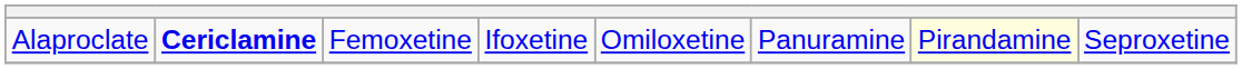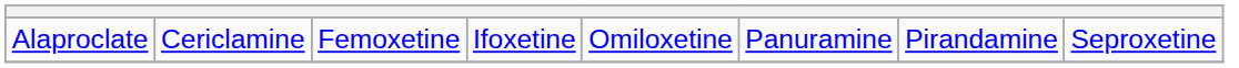 <table class="wikitable" style="font-size:smaller; text-align:center">
 <tr>
 <th colspan="8"></th>
 </tr>
 <tr>
 <td> <a href='#'>Alaproclate</a></td>
-<td><strong> <a href='#'>Cericlamine</a></strong></td>
+<td> <a href='#'>Cericlamine</a></td>
 <td> <a href='#'>Femoxetine</a></td>
 <td> <a href='#'>Ifoxetine</a></td>
 <td> <a href='#'>Omiloxetine</a></td>
 <td> <a href='#'>Panuramine</a></td>
-<td style="background: lightyellow;"> <a href='#'>Pirandamine</a></td>
+<td> <a href='#'>Pirandamine</a></td>
 <td> <a href='#'>Seproxetine</a></td>
 </tr>
 <tr>
 </tr>
 </table>
